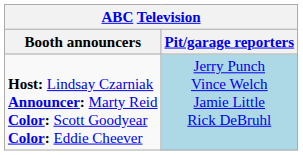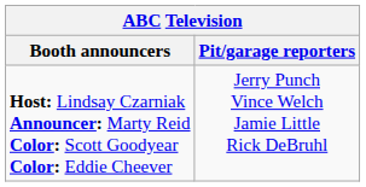 <table class="wikitable" style="font-size: 95%;">
 <tr>
 <th colspan=2><a href='#'>ABC</a> <a href='#'>Television</a></th>
 </tr>
 <tr>
 <th>Booth announcers</th>
 <th><a href='#'>Pit/garage reporters</a></th>
 </tr>
 <tr>
 <td valign="top"><br><strong>Host:</strong> <a href='#'>Lindsay Czarniak</a><br> <strong><a href='#'>Announcer</a>:</strong> <a href='#'>Marty Reid</a><br> <strong><a href='#'>Color</a>:</strong> <a href='#'>Scott Goodyear</a><br> <strong><a href='#'>Color</a>:</strong> <a href='#'>Eddie Cheever</a><br></td>
-<td align="center" valign="top" style="background: lightblue;"><a href='#'>Jerry Punch</a><br><a href='#'>Vince Welch</a><br><a href='#'>Jamie Little</a><br><a href='#'>Rick DeBruhl</a><br></td>
+<td align="center" valign="top"><a href='#'>Jerry Punch</a><br><a href='#'>Vince Welch</a><br><a href='#'>Jamie Little</a><br><a href='#'>Rick DeBruhl</a><br></td>
 </tr>
 </table>
